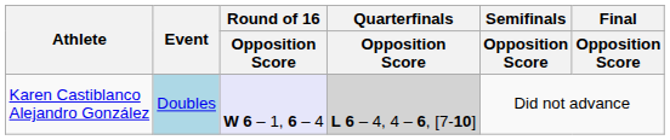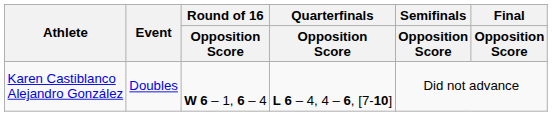 <table class="wikitable" border="1" style="font-size:90%">
 <tr>
 <th rowspan=2>Athlete</th>
 <th rowspan=2>Event</th>
 <th>Round of 16</th>
 <th>Quarterfinals</th>
 <th>Semifinals</th>
 <th>Final</th>
 </tr>
 <tr>
 <th>Opposition<br>Score</th>
 <th>Opposition<br>Score</th>
 <th>Opposition<br>Score</th>
 <th>Opposition<br>Score</th>
 </tr>
 <tr>
 <td><a href='#'>Karen Castiblanco</a><br><a href='#'>Alejandro González</a></td>
-<td style="background: lightblue;"><a href='#'>Doubles</a></td>
-<td align=center style="background: lavender;"><br><br><strong>W</strong> <strong>6</strong> – 1, <strong>6</strong> – 4</td>
-<td align=center style="background: lightgrey;"><br><br><strong>L</strong> <strong>6</strong> – 4, 4 – <strong>6</strong>, [7-<strong>10</strong>]</td>
+<td><a href='#'>Doubles</a></td>
+<td align=center><br><br><strong>W</strong> <strong>6</strong> – 1, <strong>6</strong> – 4</td>
+<td align=center><br><br><strong>L</strong> <strong>6</strong> – 4, 4 – <strong>6</strong>, [7-<strong>10</strong>]</td>
 <td align="center" colspan="7">Did not advance</td>
 </tr>
 </table>
